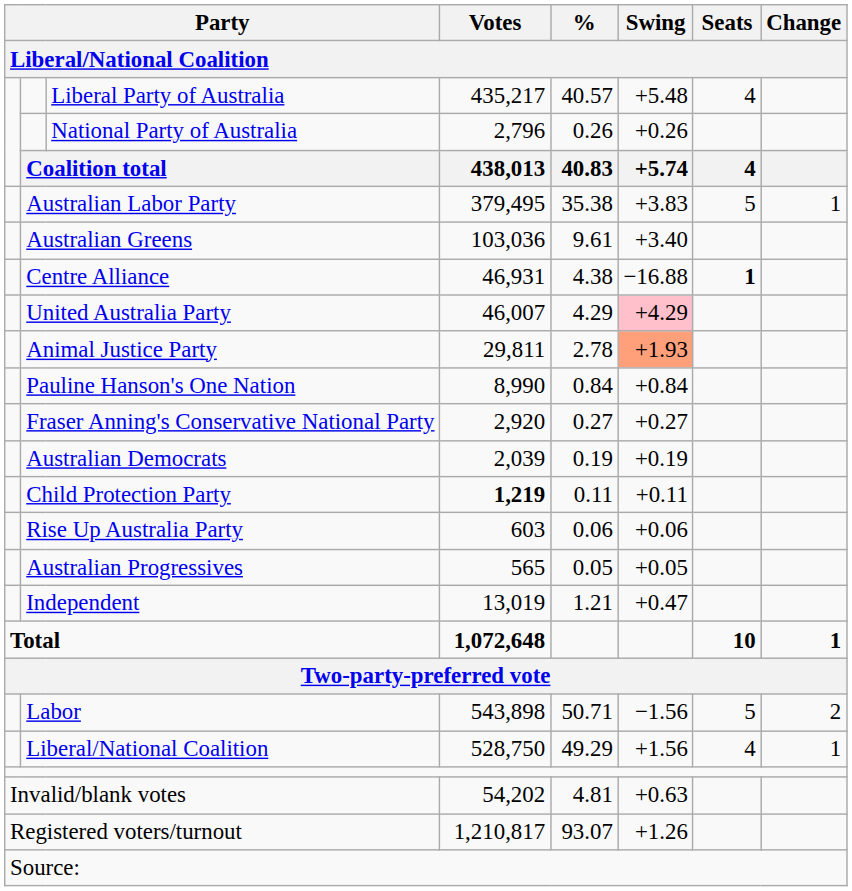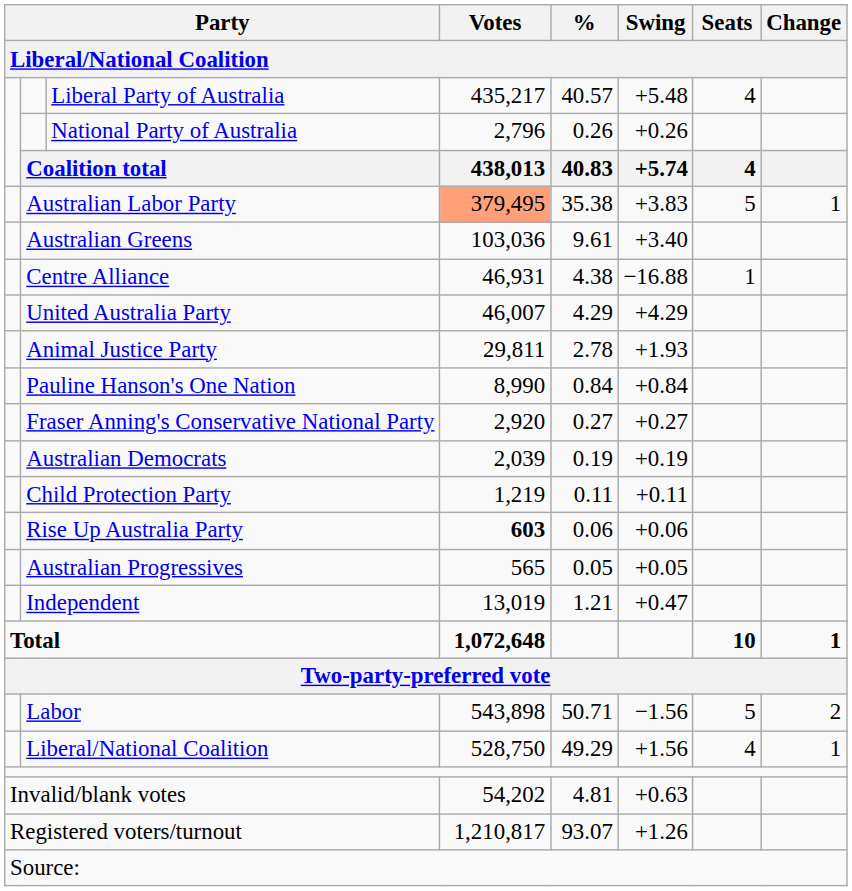 <table class="wikitable">
 <tr>
 <th style="width:200px" colspan=3>Party</th>
 <th style="width:70px; text-align:center;">Votes</th>
 <th style="width:40px; text-align:center;">%</th>
 <th style="width:40px; text-align:center;">Swing</th>
 <th style="width:40px; text-align:center;">Seats</th>
 <th style="width:40px; text-align:center;">Change</th>
 </tr>
 <tr>
 <th colspan="8" style="text-align:left;"><a href='#'>Liberal/National Coalition</a></th>
 </tr>
 <tr>
 <td rowspan="3"> </td>
 <td> </td>
 <td><a href='#'>Liberal Party of Australia</a></td>
 <td align=right>435,217</td>
 <td align=right>40.57</td>
 <td align=right>+5.48</td>
 <td align=right>4</td>
 <td align=right></td>
 </tr>
 <tr>
 <td> </td>
 <td><a href='#'>National Party of Australia</a></td>
 <td align=right>2,796</td>
 <td align=right>0.26</td>
 <td align=right>+0.26</td>
 <td align=right></td>
 <td align=right></td>
 </tr>
 <tr>
 <th colspan="2" style="text-align:left;"><a href='#'>Coalition total</a></th>
 <th style="text-align:right;">438,013</th>
 <th style="text-align:right;">40.83</th>
 <th style="text-align:right;">+5.74</th>
 <th style="text-align:right;">4</th>
 <th style="text-align:right;"></th>
 </tr>
 <tr>
 <td> </td>
 <td style="text-align:left;" colspan="2"><a href='#'>Australian Labor Party</a></td>
-<td align=right>379,495</td>
+<td align=right style="background: lightsalmon;">379,495</td>
 <td align=right>35.38</td>
 <td align=right>+3.83</td>
 <td align=right>5</td>
 <td align=right> 1</td>
 </tr>
 <tr>
 <td> </td>
 <td colspan="2"><a href='#'>Australian Greens</a></td>
 <td align=right>103,036</td>
 <td align=right>9.61</td>
 <td align=right>+3.40</td>
 <td align=right></td>
 <td align=right></td>
 </tr>
 <tr>
 <td> </td>
 <td colspan="2"><a href='#'>Centre Alliance</a></td>
 <td align=right>46,931</td>
 <td align=right>4.38</td>
 <td align=right>−16.88</td>
-<td align=right><strong>1</strong></td>
+<td align=right>1</td>
 <td align=right></td>
 </tr>
 <tr>
 <td> </td>
 <td colspan="2"><a href='#'>United Australia Party</a></td>
 <td align=right>46,007</td>
 <td align=right>4.29</td>
-<td align=right style="background: pink;">+4.29</td>
+<td align=right>+4.29</td>
 <td align=right></td>
 <td align=right></td>
 </tr>
 <tr>
 <td> </td>
 <td colspan="2"><a href='#'>Animal Justice Party</a></td>
 <td align=right>29,811</td>
 <td align=right>2.78</td>
-<td align=right style="background: lightsalmon;">+1.93</td>
+<td align=right>+1.93</td>
 <td align=right></td>
 <td align=right></td>
 </tr>
 <tr>
 <td> </td>
 <td colspan="2"><a href='#'>Pauline Hanson's One Nation</a></td>
 <td align=right>8,990</td>
 <td align=right>0.84</td>
 <td align=right>+0.84</td>
 <td align=right></td>
 <td align=right></td>
 </tr>
 <tr>
 <td> </td>
 <td colspan="2"><a href='#'>Fraser Anning's Conservative National Party</a></td>
 <td align=right>2,920</td>
 <td align=right>0.27</td>
 <td align=right>+0.27</td>
 <td align=right></td>
 <td align=right></td>
 </tr>
 <tr>
 <td> </td>
 <td colspan="2"><a href='#'>Australian Democrats</a></td>
 <td align=right>2,039</td>
 <td align=right>0.19</td>
 <td align=right>+0.19</td>
 <td align=right></td>
 <td align=right></td>
 </tr>
 <tr>
 <td> </td>
 <td colspan="2"><a href='#'>Child Protection Party</a></td>
-<td align=right><strong>1,219</strong></td>
+<td align=right>1,219</td>
 <td align=right>0.11</td>
 <td align=right>+0.11</td>
 <td align=right></td>
 <td align=right></td>
 </tr>
 <tr>
 <td> </td>
 <td colspan="2"><a href='#'>Rise Up Australia Party</a></td>
-<td align=right>603</td>
+<td align=right><strong>603</strong></td>
 <td align=right>0.06</td>
 <td align=right>+0.06</td>
 <td align=right></td>
 <td align=right></td>
 </tr>
 <tr>
 <td> </td>
 <td colspan="2"><a href='#'>Australian Progressives</a></td>
 <td align=right>565</td>
 <td align=right>0.05</td>
 <td align=right>+0.05</td>
 <td align=right></td>
 <td align=right></td>
 </tr>
 <tr>
 <td> </td>
 <td colspan="2"><a href='#'>Independent</a></td>
 <td align=right>13,019</td>
 <td align=right>1.21</td>
 <td align=right>+0.47</td>
 <td align=right></td>
 <td align=right></td>
 </tr>
 <tr>
 <td colspan="3" align="left"><strong>Total</strong></td>
 <td align=right><strong>1,072,648</strong></td>
 <td align=right></td>
 <td align=right></td>
 <td align=right><strong>10</strong></td>
 <td align=right> <strong>1</strong></td>
 </tr>
 <tr>
 <th colspan="8"><a href='#'>Two-party-preferred vote</a></th>
 </tr>
 <tr>
 <td> </td>
 <td colspan="2" style="text-align:left;"><a href='#'>Labor</a></td>
 <td align=right>543,898</td>
 <td align=right>50.71</td>
 <td align=right>−1.56</td>
 <td align=right>5</td>
 <td align=right> 2</td>
 </tr>
 <tr>
 <td> </td>
 <td colspan="2" style="text-align:left;"><a href='#'>Liberal/National Coalition</a></td>
 <td align=right>528,750</td>
 <td align=right>49.29</td>
 <td align=right>+1.56</td>
 <td align=right>4</td>
 <td align=right> 1</td>
 </tr>
 <tr>
 <td colspan="8"></td>
 </tr>
 <tr>
 <td colspan="3" align="left">Invalid/blank votes</td>
 <td align="right">54,202</td>
 <td align=right>4.81</td>
 <td align=right>+0.63</td>
 <td></td>
 <td></td>
 </tr>
 <tr>
 <td colspan="3" align="left">Registered voters/turnout</td>
 <td align="right">1,210,817</td>
 <td align=right>93.07</td>
 <td align=right>+1.26</td>
 <td></td>
 <td></td>
 </tr>
 <tr>
 <td colspan="8" align="left">Source: </td>
 </tr>
 </table>
